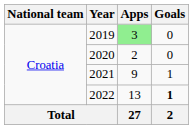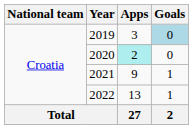 <table class=wikitable style="text-align: center">
 <tr>
 <th>National team</th>
 <th>Year</th>
 <th>Apps</th>
 <th>Goals</th>
 </tr>
 <tr>
 <td rowspan="4"><a href='#'>Croatia</a></td>
 <td>2019</td>
-<td style="background: lightgreen;">3</td>
-<td>0</td>
+<td>3</td>
+<td style="background: lightblue;">0</td>
 </tr>
 <tr>
 <td>2020</td>
-<td>2</td>
+<td style="background: paleturquoise;">2</td>
 <td>0</td>
 </tr>
 <tr>
 <td>2021</td>
 <td>9</td>
 <td>1</td>
 </tr>
 <tr>
 <td>2022</td>
 <td>13</td>
-<td><strong>1</strong></td>
+<td>1</td>
 </tr>
 <tr>
 <th colspan=2>Total</th>
 <th>27</th>
 <th>2</th>
 </tr>
 </table>
